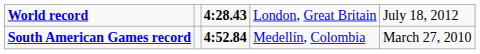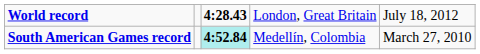 <table class="wikitable">
 <tr>
 <td><strong><a href='#'>World record</a></strong></td>
 <td></td>
 <td><strong>4:28.43</strong></td>
 <td><a href='#'>London</a>, <a href='#'>Great Britain</a></td>
 <td>July 18, 2012</td>
 </tr>
 <tr>
 <td><strong><a href='#'>South American Games record</a></strong></td>
 <td></td>
-<td><strong>4:52.84</strong></td>
+<td style="background: paleturquoise;"><strong>4:52.84</strong></td>
 <td><a href='#'>Medellín</a>, <a href='#'>Colombia</a></td>
 <td>March 27, 2010</td>
 </tr>
 </table>
